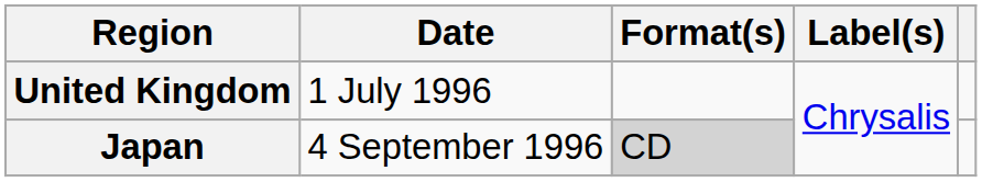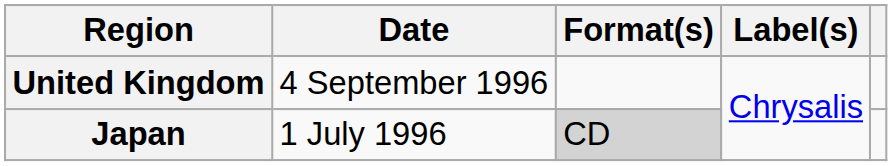 <table class="wikitable plainrowheaders">
 <tr>
 <th scope="col">Region</th>
 <th scope="col">Date</th>
 <th scope="col">Format(s)</th>
 <th scope="col">Label(s)</th>
 <th scope="col"></th>
 </tr>
 <tr>
 <th scope="row">United Kingdom</th>
-<td>1 July 1996</td>
+<td>4 September 1996</td>
 <td></td>
 <td rowspan="2"><a href='#'>Chrysalis</a></td>
 <td></td>
 </tr>
 <tr>
 <th scope="row">Japan</th>
-<td>4 September 1996</td>
+<td>1 July 1996</td>
 <td style="background: lightgrey;">CD</td>
 <td></td>
 </tr>
 </table>
